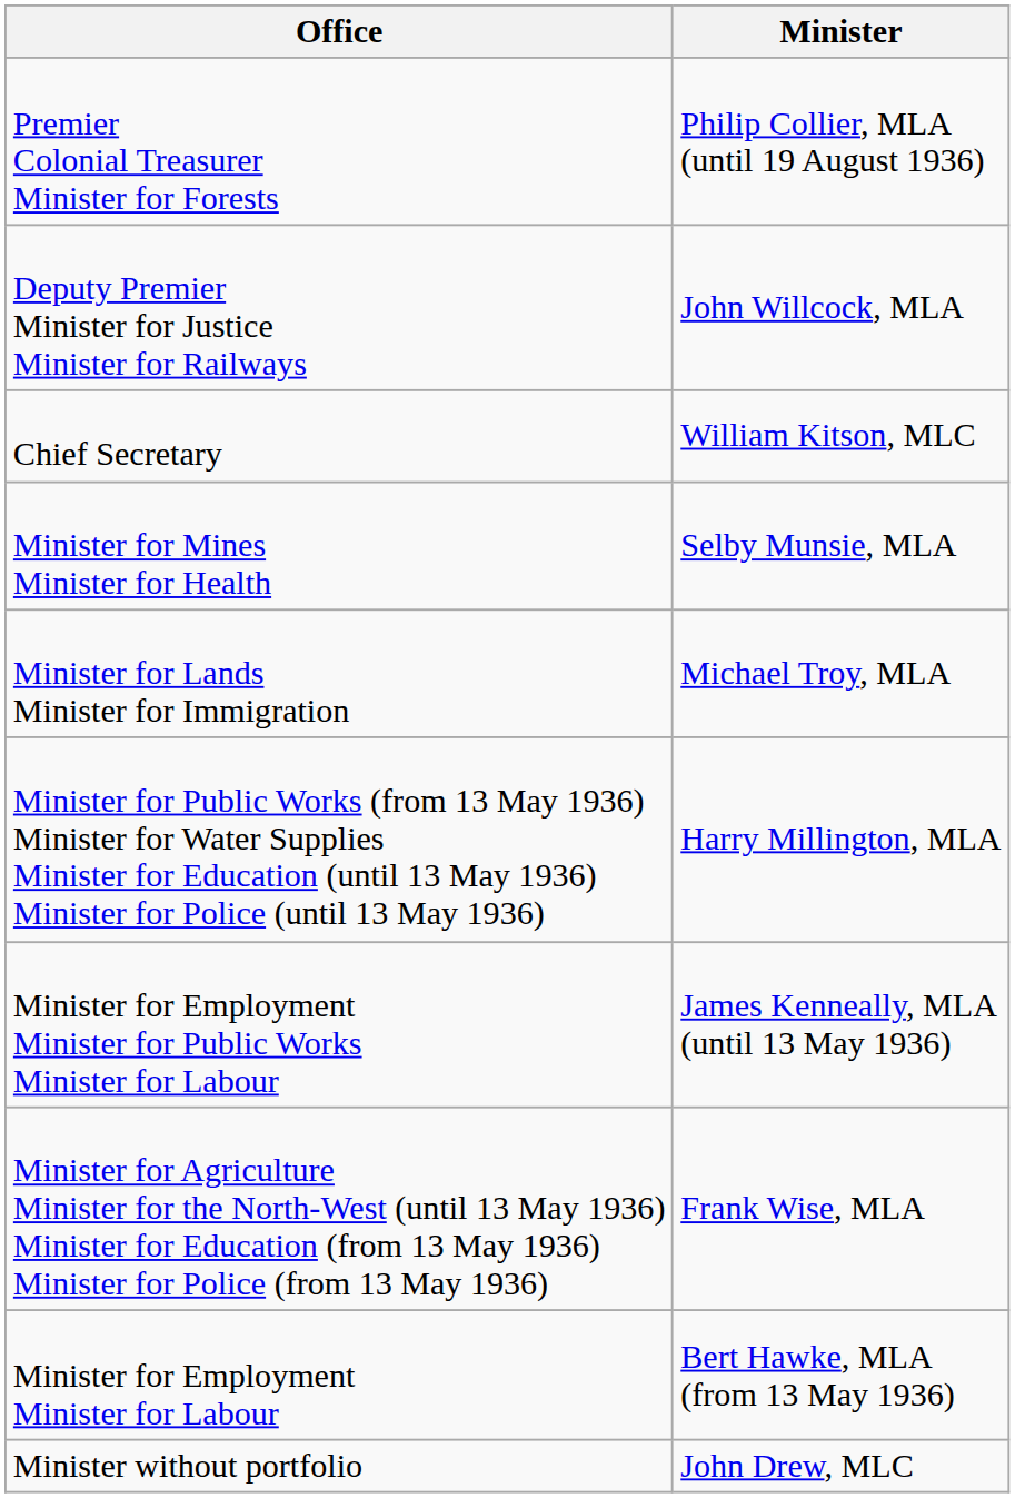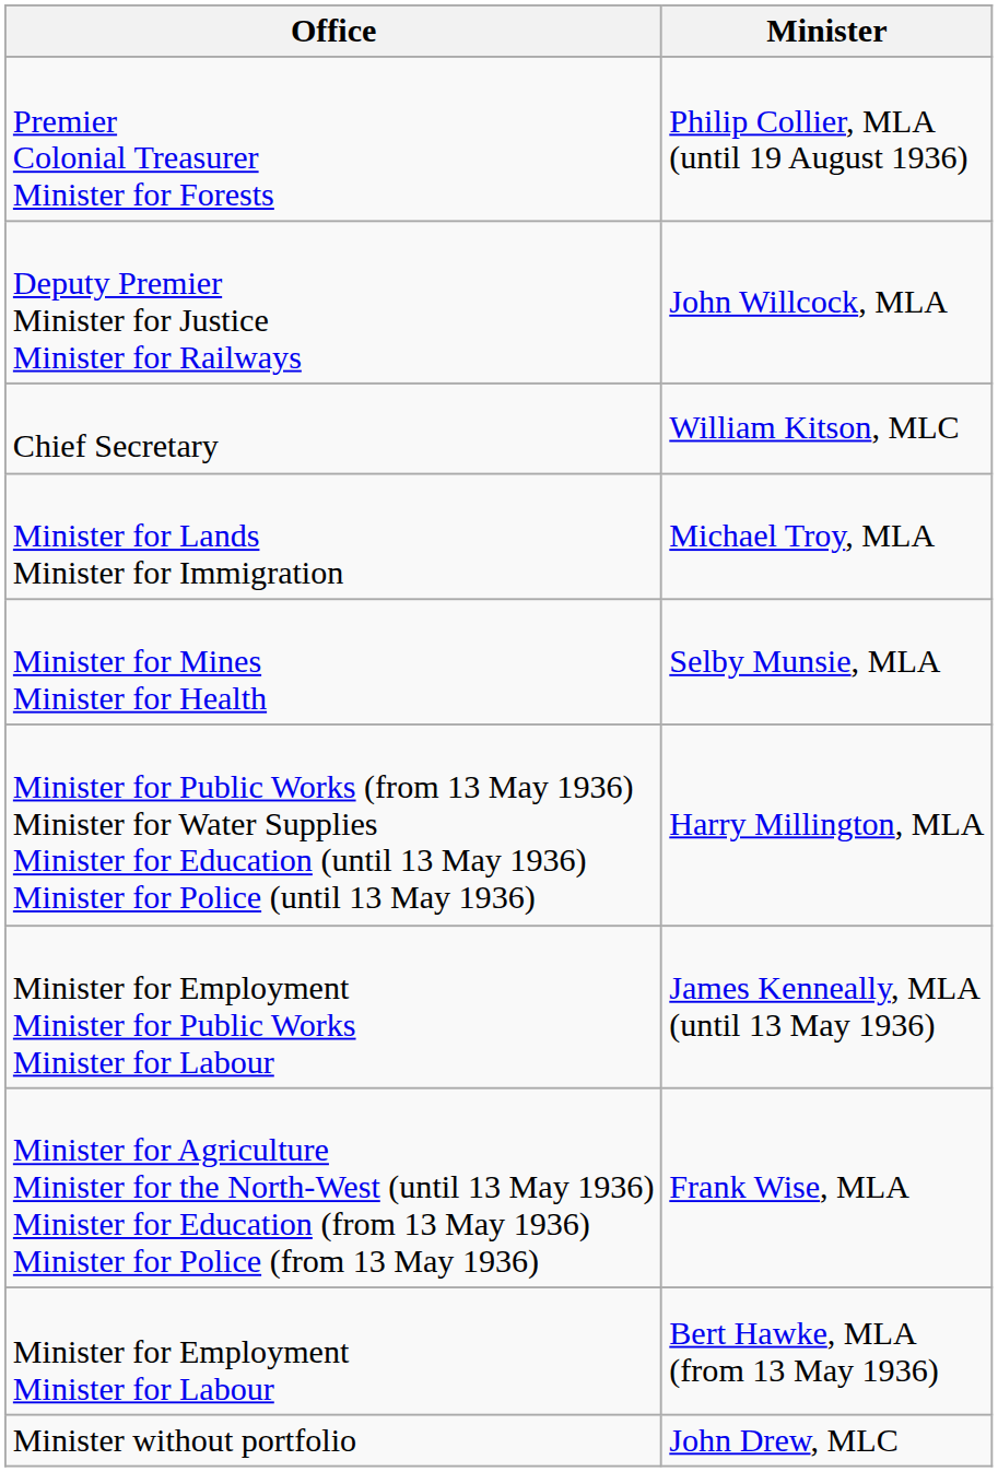 <table class="wikitable">
 <tr>
 <th>Office</th>
 <th>Minister</th>
 </tr>
 <tr>
 <td><br><a href='#'>Premier</a><br> <a href='#'>Colonial Treasurer</a><br> <a href='#'>Minister for Forests</a><br></td>
 <td><a href='#'>Philip Collier</a>, MLA<br>(until 19 August 1936)</td>
 </tr>
 <tr>
 <td><br><a href='#'>Deputy Premier</a><br> Minister for Justice<br> <a href='#'>Minister for Railways</a></td>
 <td><a href='#'>John Willcock</a>, MLA</td>
 </tr>
 <tr>
 <td><br>Chief Secretary<br></td>
 <td><a href='#'>William Kitson</a>, MLC</td>
 </tr>
 <tr>
+<td><br><a href='#'>Minister for Lands</a><br> Minister for Immigration<br></td>
+<td><a href='#'>Michael Troy</a>, MLA</td>
+</tr>
+<tr>
 <td><br><a href='#'>Minister for Mines</a><br> <a href='#'>Minister for Health</a><br></td>
 <td><a href='#'>Selby Munsie</a>, MLA</td>
-</tr>
-<tr>
-<td><br><a href='#'>Minister for Lands</a><br> Minister for Immigration<br></td>
-<td><a href='#'>Michael Troy</a>, MLA</td>
 </tr>
 <tr>
 <td><br><a href='#'>Minister for Public Works</a> (from 13 May 1936)<br> Minister for Water Supplies<br> <a href='#'>Minister for Education</a> (until 13 May 1936)<br> <a href='#'>Minister for Police</a> (until 13 May 1936)<br></td>
 <td><a href='#'>Harry Millington</a>, MLA</td>
 </tr>
 <tr>
 <td><br>Minister for Employment<br> <a href='#'>Minister for Public Works</a><br> <a href='#'>Minister for Labour</a><br></td>
 <td><a href='#'>James Kenneally</a>, MLA<br>(until 13 May 1936)</td>
 </tr>
 <tr>
 <td><br><a href='#'>Minister for Agriculture</a><br> <a href='#'>Minister for the North-West</a> (until 13 May 1936)<br> <a href='#'>Minister for Education</a> (from 13 May 1936)<br> <a href='#'>Minister for Police</a> (from 13 May 1936)<br></td>
 <td><a href='#'>Frank Wise</a>, MLA</td>
 </tr>
 <tr>
 <td><br>Minister for Employment<br> <a href='#'>Minister for Labour</a><br></td>
 <td><a href='#'>Bert Hawke</a>, MLA<br>(from 13 May 1936)</td>
 </tr>
 <tr>
 <td>Minister without portfolio</td>
 <td><a href='#'>John Drew</a>, MLC</td>
 </tr>
 </table>
